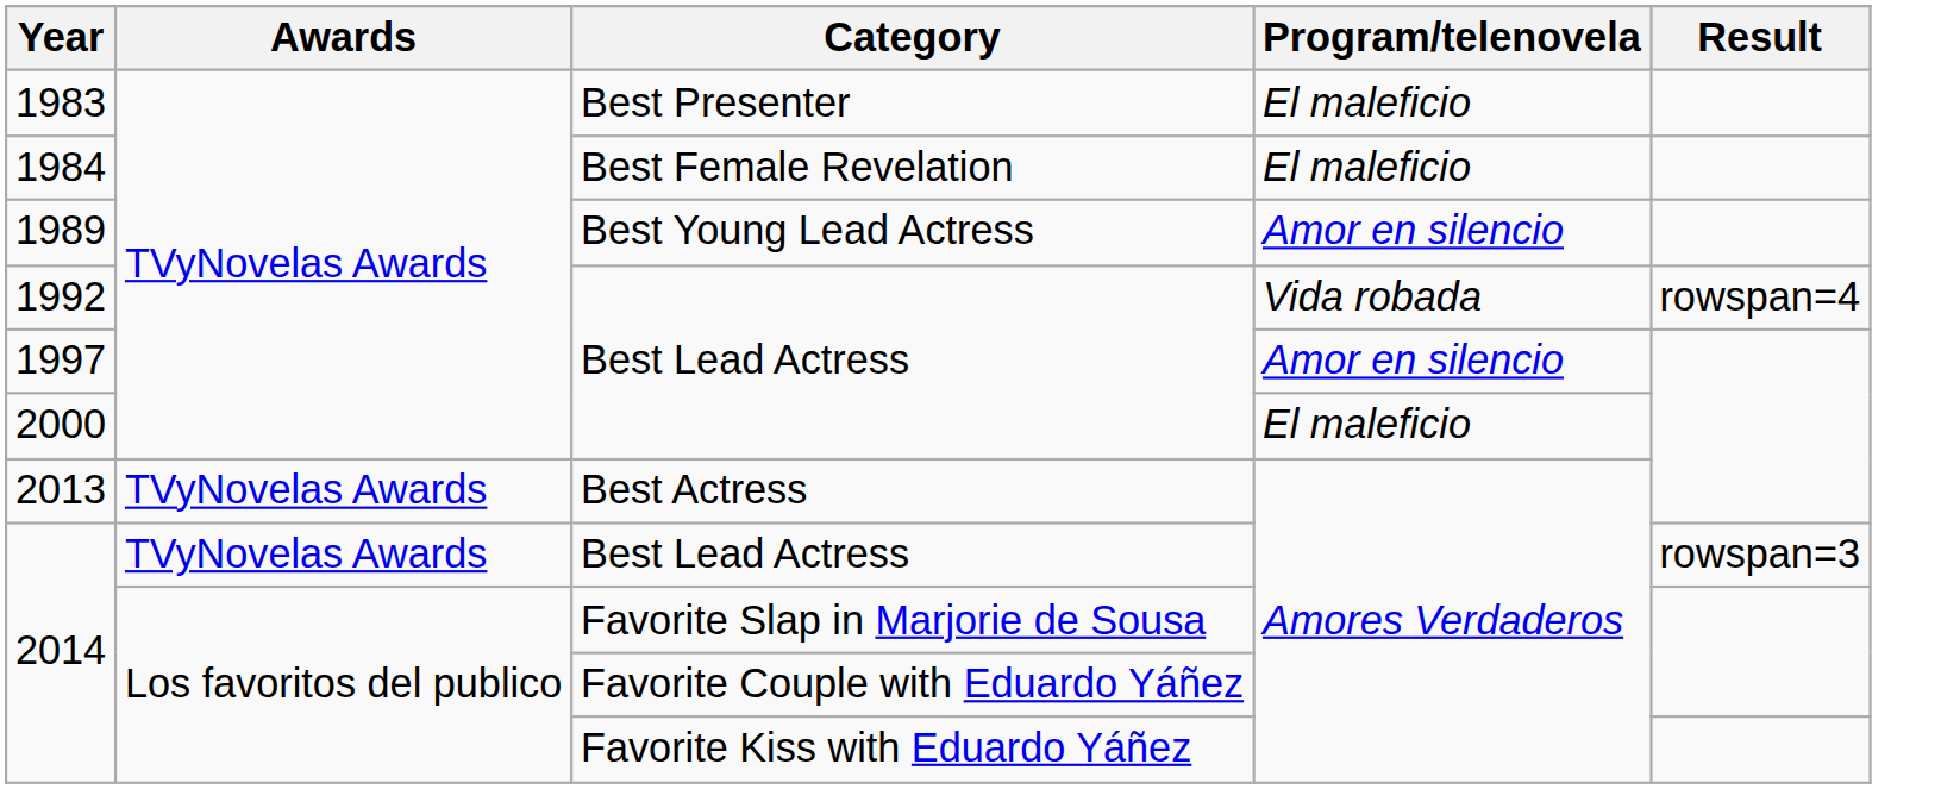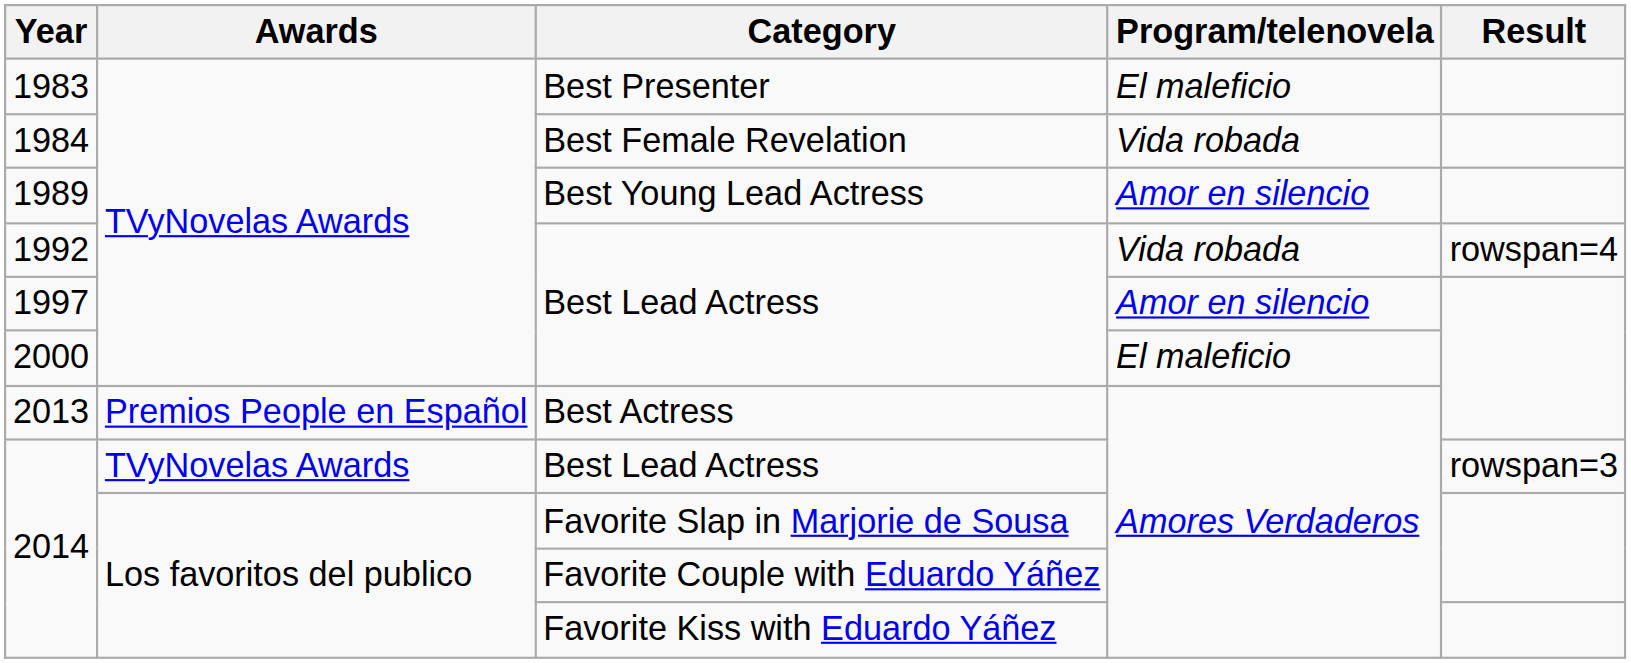 <table class="wikitable">
 <tr style="background:#b0c4de;">
 <th>Year</th>
 <th>Awards</th>
 <th>Category</th>
 <th>Program/telenovela</th>
 <th>Result</th>
 </tr>
 <tr>
 <td>1983</td>
 <td rowspan=6><a href='#'>TVyNovelas Awards</a></td>
 <td>Best Presenter</td>
 <td><em>El maleficio</em></td>
 <td></td>
 </tr>
 <tr>
 <td>1984</td>
 <td>Best Female Revelation</td>
-<td><em>El maleficio</em></td>
+<td><em>Vida robada</em></td>
 <td></td>
 </tr>
 <tr>
 <td>1989</td>
 <td>Best Young Lead Actress</td>
 <td><em><a href='#'>Amor en silencio</a></em></td>
 <td></td>
 </tr>
 <tr>
 <td>1992</td>
 <td rowspan=3>Best Lead Actress</td>
 <td><em>Vida robada</em></td>
 <td>rowspan=4 </td>
 </tr>
 <tr>
 <td>1997</td>
 <td><em><a href='#'>Amor en silencio</a></em></td>
 </tr>
 <tr>
 <td>2000</td>
 <td><em>El maleficio</em></td>
 </tr>
 <tr>
 <td>2013</td>
-<td><a href='#'>TVyNovelas Awards</a></td>
+<td><a href='#'>Premios People en Español</a></td>
 <td>Best Actress</td>
 <td rowspan=5><em><a href='#'>Amores Verdaderos</a></em></td>
 </tr>
 <tr>
 <td rowspan=4>2014</td>
 <td><a href='#'>TVyNovelas Awards</a></td>
 <td>Best Lead Actress</td>
 <td>rowspan=3 </td>
 </tr>
 <tr>
 <td rowspan=3>Los favoritos del publico</td>
 <td>Favorite Slap in <a href='#'>Marjorie de Sousa</a></td>
 </tr>
 <tr>
 <td>Favorite Couple with <a href='#'>Eduardo Yáñez</a></td>
 </tr>
 <tr>
 <td>Favorite Kiss with <a href='#'>Eduardo Yáñez</a></td>
 <td></td>
 </tr>
 </table>
